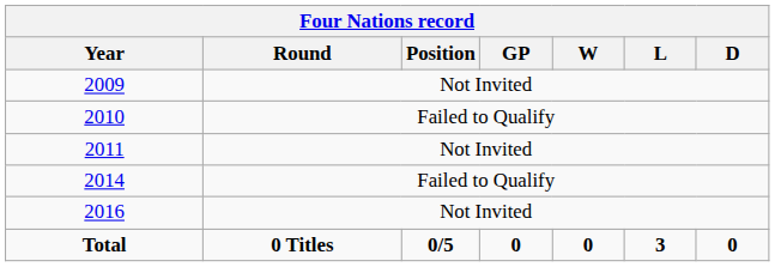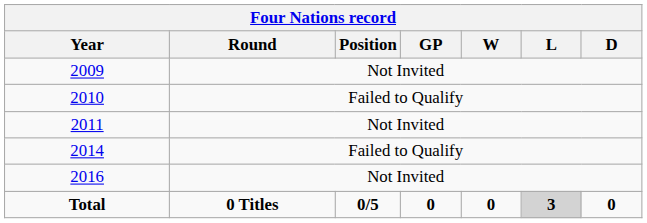 <table class="wikitable" style="text-align: center;">
 <tr>
 <th colspan=9><a href='#'>Four Nations record</a></th>
 </tr>
 <tr>
 <th width=150>Year</th>
 <th width=150>Round</th>
 <th width=50>Position</th>
 <th width=50>GP</th>
 <th width=50>W</th>
 <th width=50>L</th>
 <th width=50>D</th>
 </tr>
 <tr>
 <td> <a href='#'>2009</a></td>
 <td rowspan=1 colspan=8>Not Invited</td>
 </tr>
 <tr>
 <td> <a href='#'>2010</a></td>
 <td rowspan=1 colspan=8>Failed to Qualify</td>
 </tr>
 <tr>
 <td> <a href='#'>2011</a></td>
 <td rowspan=1 colspan=8>Not Invited</td>
 </tr>
 <tr>
 <td> <a href='#'>2014</a></td>
 <td rowspan=1 colspan=8>Failed to Qualify</td>
 </tr>
 <tr>
 <td> <a href='#'>2016</a></td>
 <td rowspan=1 colspan=8>Not Invited</td>
 </tr>
 <tr>
 <td><strong>Total</strong></td>
 <td><strong>0 Titles</strong></td>
 <td><strong>0/5</strong></td>
 <td><strong>0</strong></td>
 <td><strong>0</strong></td>
-<td><strong>3</strong></td>
+<td style="background: lightgrey;"><strong>3</strong></td>
 <td><strong>0</strong></td>
 </tr>
 </table>
